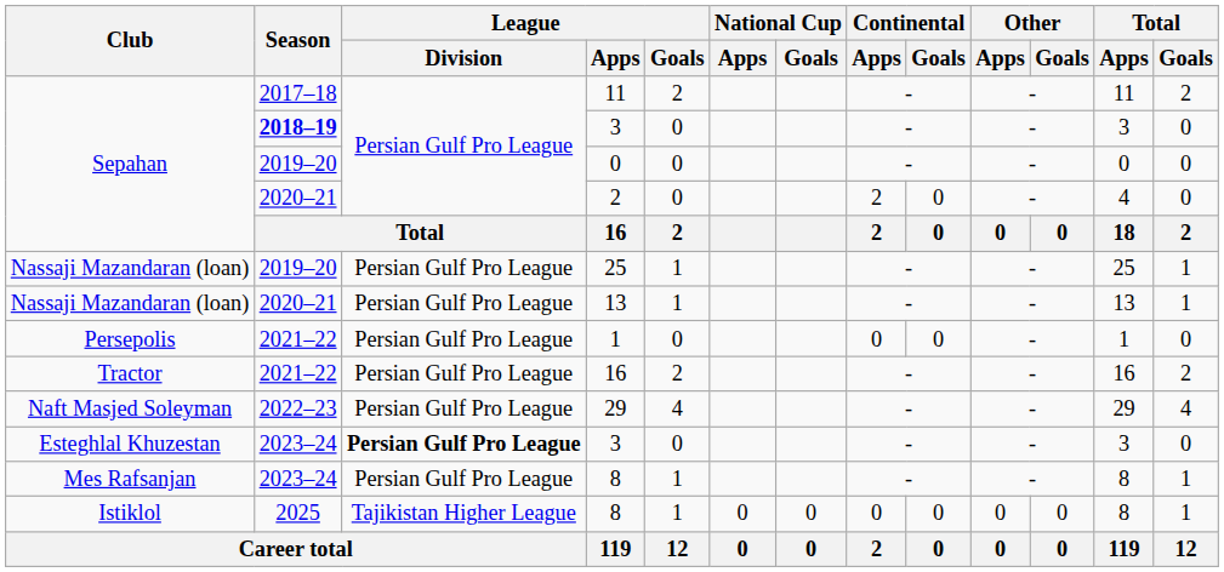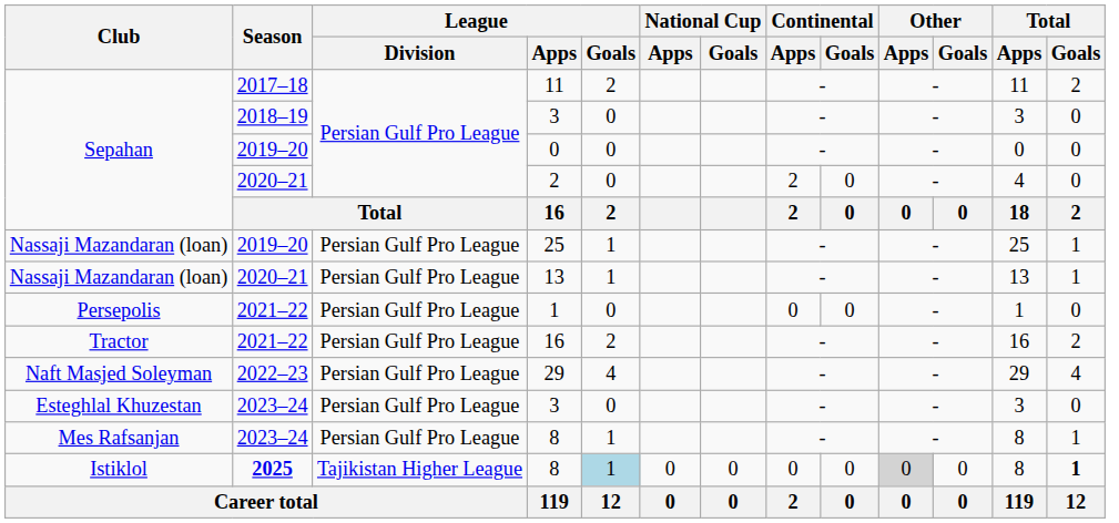 <table class="wikitable" style="text-align: center;">
 <tr>
 <th rowspan="2">Club</th>
 <th rowspan="2">Season</th>
 <th colspan="3">League</th>
 <th colspan="2">National Cup</th>
 <th colspan="2">Continental</th>
 <th colspan="2">Other</th>
 <th colspan="2">Total</th>
 </tr>
 <tr>
 <th>Division</th>
 <th>Apps</th>
 <th>Goals</th>
 <th>Apps</th>
 <th>Goals</th>
 <th>Apps</th>
 <th>Goals</th>
 <th>Apps</th>
 <th>Goals</th>
 <th>Apps</th>
 <th>Goals</th>
 </tr>
 <tr>
 <td rowspan="5"><a href='#'>Sepahan</a></td>
 <td><a href='#'>2017–18</a></td>
 <td rowspan="4"><a href='#'>Persian Gulf Pro League</a></td>
 <td>11</td>
 <td>2</td>
 <td></td>
 <td></td>
 <td colspan="2">-</td>
 <td colspan="2">-</td>
 <td>11</td>
 <td>2</td>
 </tr>
 <tr>
-<td><strong><a href='#'>2018–19</a></strong></td>
+<td><a href='#'>2018–19</a></td>
 <td>3</td>
 <td>0</td>
 <td></td>
 <td></td>
 <td colspan="2">-</td>
 <td colspan="2">-</td>
 <td>3</td>
 <td>0</td>
 </tr>
 <tr>
 <td><a href='#'>2019–20</a></td>
 <td>0</td>
 <td>0</td>
 <td></td>
 <td></td>
 <td colspan="2">-</td>
 <td colspan="2">-</td>
 <td>0</td>
 <td>0</td>
 </tr>
 <tr>
 <td><a href='#'>2020–21</a></td>
 <td>2</td>
 <td>0</td>
 <td></td>
 <td></td>
 <td>2</td>
 <td>0</td>
 <td colspan="2">-</td>
 <td>4</td>
 <td>0</td>
 </tr>
 <tr>
 <th colspan="2">Total</th>
 <th>16</th>
 <th>2</th>
 <th></th>
 <th></th>
 <th>2</th>
 <th>0</th>
 <th>0</th>
 <th>0</th>
 <th>18</th>
 <th>2</th>
 </tr>
 <tr>
 <td><a href='#'>Nassaji Mazandaran</a> (loan)</td>
 <td><a href='#'>2019–20</a></td>
 <td>Persian Gulf Pro League</td>
 <td>25</td>
 <td>1</td>
 <td></td>
 <td></td>
 <td colspan="2">-</td>
 <td colspan="2">-</td>
 <td>25</td>
 <td>1</td>
 </tr>
 <tr>
 <td><a href='#'>Nassaji Mazandaran</a> (loan)</td>
 <td><a href='#'>2020–21</a></td>
 <td>Persian Gulf Pro League</td>
 <td>13</td>
 <td>1</td>
 <td></td>
 <td></td>
 <td colspan="2">-</td>
 <td colspan="2">-</td>
 <td>13</td>
 <td>1</td>
 </tr>
 <tr>
 <td><a href='#'>Persepolis</a></td>
 <td><a href='#'>2021–22</a></td>
 <td>Persian Gulf Pro League</td>
 <td>1</td>
 <td>0</td>
 <td></td>
 <td></td>
 <td>0</td>
 <td>0</td>
 <td colspan="2">-</td>
 <td>1</td>
 <td>0</td>
 </tr>
 <tr>
 <td><a href='#'>Tractor</a></td>
 <td><a href='#'>2021–22</a></td>
 <td>Persian Gulf Pro League</td>
 <td>16</td>
 <td>2</td>
 <td></td>
 <td></td>
 <td colspan="2">-</td>
 <td colspan="2">-</td>
 <td>16</td>
 <td>2</td>
 </tr>
 <tr>
 <td><a href='#'>Naft Masjed Soleyman</a></td>
 <td><a href='#'>2022–23</a></td>
 <td>Persian Gulf Pro League</td>
 <td>29</td>
 <td>4</td>
 <td></td>
 <td></td>
 <td colspan="2">-</td>
 <td colspan="2">-</td>
 <td>29</td>
 <td>4</td>
 </tr>
 <tr>
 <td><a href='#'>Esteghlal Khuzestan</a></td>
 <td><a href='#'>2023–24</a></td>
-<td><strong>Persian Gulf Pro League</strong></td>
+<td>Persian Gulf Pro League</td>
 <td>3</td>
 <td>0</td>
 <td></td>
 <td></td>
 <td colspan="2">-</td>
 <td colspan="2">-</td>
 <td>3</td>
 <td>0</td>
 </tr>
 <tr>
 <td><a href='#'>Mes Rafsanjan</a></td>
 <td><a href='#'>2023–24</a></td>
 <td>Persian Gulf Pro League</td>
 <td>8</td>
 <td>1</td>
 <td></td>
 <td></td>
 <td colspan="2">-</td>
 <td colspan="2">-</td>
 <td>8</td>
 <td>1</td>
 </tr>
 <tr>
 <td><a href='#'>Istiklol</a></td>
-<td><a href='#'>2025</a></td>
+<td><strong><a href='#'>2025</a></strong></td>
 <td><a href='#'>Tajikistan Higher League</a></td>
 <td>8</td>
-<td>1</td>
+<td style="background: lightblue;">1</td>
 <td>0</td>
 <td>0</td>
 <td>0</td>
 <td>0</td>
-<td>0</td>
+<td style="background: lightgrey;">0</td>
 <td>0</td>
 <td>8</td>
-<td>1</td>
+<td><strong>1</strong></td>
 </tr>
 <tr>
 <th colspan="3">Career total</th>
 <th>119</th>
 <th>12</th>
 <th>0</th>
 <th>0</th>
 <th>2</th>
 <th>0</th>
 <th>0</th>
 <th>0</th>
 <th>119</th>
 <th>12</th>
 </tr>
 </table>
